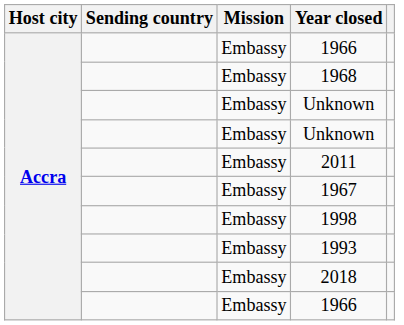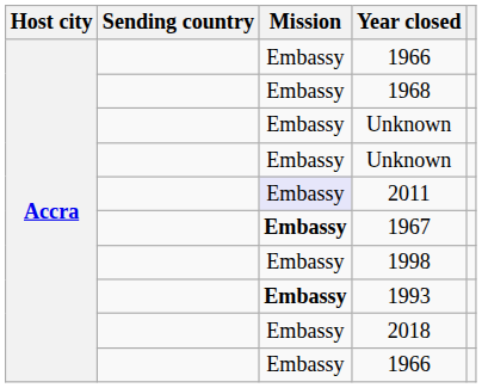 <table class="wikitable plainrowheaders">
 <tr>
 <th scope="col">Host city</th>
 <th scope="col">Sending country</th>
 <th scope="col">Mission</th>
 <th scope="col">Year closed</th>
 <th scope="col"></th>
 </tr>
 <tr>
 <th rowspan="10"><a href='#'>Accra</a></th>
 <td></td>
 <td style="text-align:center;">Embassy</td>
 <td style="text-align:center;">1966</td>
 <td style="text-align:center;"></td>
 </tr>
 <tr>
 <td></td>
 <td style="text-align:center;">Embassy</td>
 <td style="text-align:center;">1968</td>
 <td style="text-align:center;"></td>
 </tr>
 <tr>
 <td></td>
 <td style="text-align:center;">Embassy</td>
 <td style="text-align:center;">Unknown</td>
 <td style="text-align:center;"></td>
 </tr>
 <tr>
 <td></td>
 <td style="text-align:center;">Embassy</td>
 <td style="text-align:center;">Unknown</td>
 <td style="text-align:center;"></td>
 </tr>
 <tr>
 <td></td>
-<td style="text-align:center;">Embassy</td>
+<td style="background: lavender; text-align:center;">Embassy</td>
 <td style="text-align:center;">2011</td>
 <td style="text-align:center;"></td>
 </tr>
 <tr>
 <td></td>
-<td style="text-align:center;">Embassy</td>
+<td style="text-align:center;"><strong>Embassy</strong></td>
 <td style="text-align:center;">1967</td>
 <td style="text-align:center;"></td>
 </tr>
 <tr>
 <td></td>
 <td style="text-align:center;">Embassy</td>
 <td style="text-align:center;">1998</td>
 <td style="text-align:center;"></td>
 </tr>
 <tr>
 <td></td>
-<td style="text-align:center;">Embassy</td>
+<td style="text-align:center;"><strong>Embassy</strong></td>
 <td style="text-align:center;">1993</td>
 <td style="text-align:center;"></td>
 </tr>
 <tr>
 <td></td>
 <td style="text-align:center;">Embassy</td>
 <td style="text-align:center;">2018</td>
 <td style="text-align:center;"></td>
 </tr>
 <tr>
 <td></td>
 <td style="text-align:center;">Embassy</td>
 <td style="text-align:center;">1966</td>
 <td style="text-align:center;"></td>
 </tr>
 </table>
